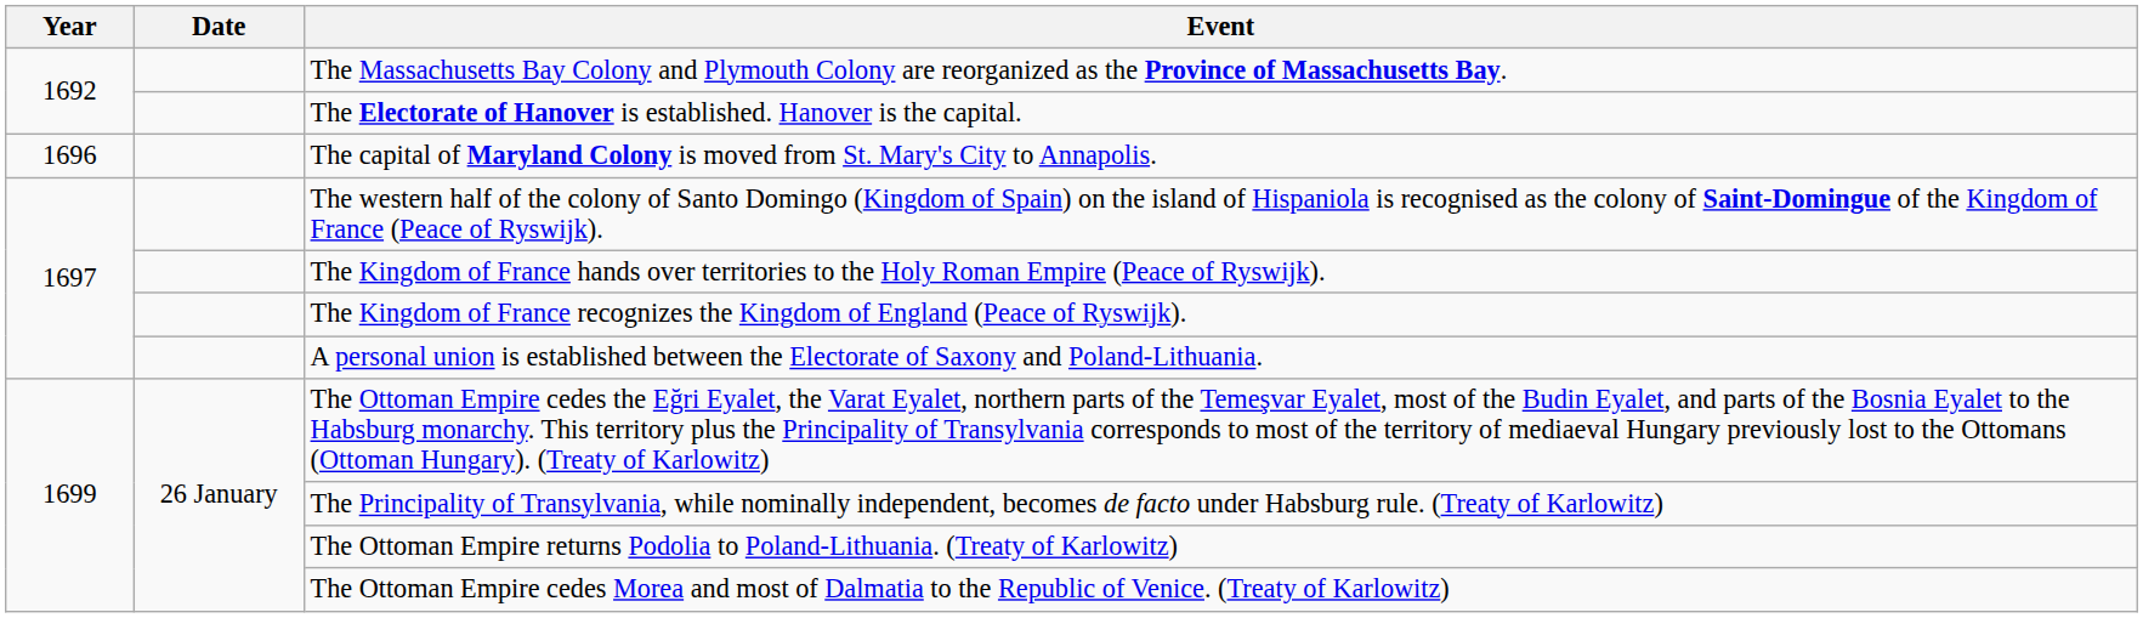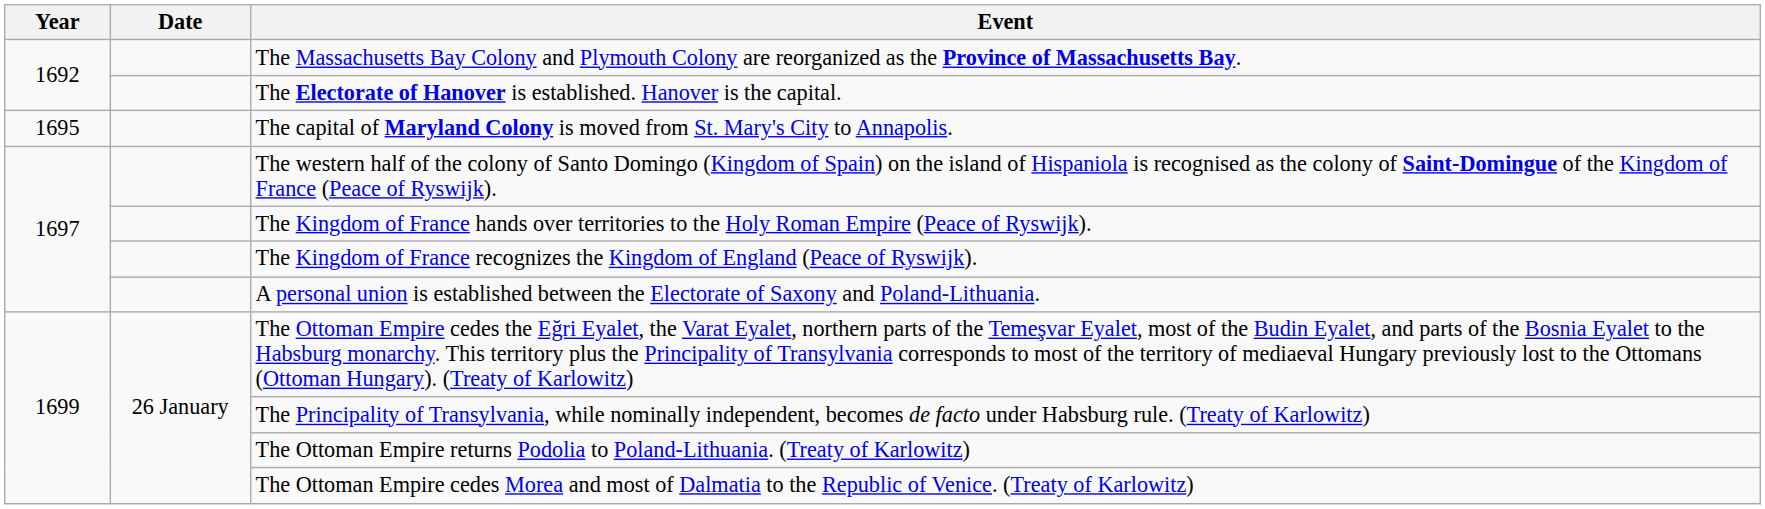 <table class=wikitable style="width:100%;">
 <tr>
 <th style="width:6%">Year</th>
 <th style="width:8%">Date</th>
 <th style="width:86%">Event</th>
 </tr>
 <tr>
 <td rowspan=2 align=center>1692</td>
 <td></td>
 <td>The <a href='#'>Massachusetts Bay Colony</a> and <a href='#'>Plymouth Colony</a> are reorganized as the <strong><a href='#'>Province of Massachusetts Bay</a></strong>.</td>
 </tr>
 <tr>
 <td></td>
 <td>The <strong><a href='#'>Electorate of Hanover</a></strong> is established. <a href='#'>Hanover</a> is the capital.</td>
 </tr>
 <tr>
-<td align=center>1696</td>
+<td align=center>1695</td>
 <td></td>
 <td>The capital of <strong><a href='#'>Maryland Colony</a></strong> is moved from <a href='#'>St. Mary's City</a> to <a href='#'>Annapolis</a>.</td>
 </tr>
 <tr>
 <td rowspan=4 align=center>1697</td>
 <td></td>
 <td>The western half of the colony of Santo Domingo (<a href='#'>Kingdom of Spain</a>) on the island of <a href='#'>Hispaniola</a> is recognised as the colony of <strong><a href='#'>Saint-Domingue</a></strong> of the <a href='#'>Kingdom of France</a> (<a href='#'>Peace of Ryswijk</a>).</td>
 </tr>
 <tr>
 <td></td>
 <td>The <a href='#'>Kingdom of France</a> hands over territories to the <a href='#'>Holy Roman Empire</a> (<a href='#'>Peace of Ryswijk</a>).</td>
 </tr>
 <tr>
 <td></td>
 <td>The <a href='#'>Kingdom of France</a> recognizes the <a href='#'>Kingdom of England</a> (<a href='#'>Peace of Ryswijk</a>).</td>
 </tr>
 <tr>
 <td></td>
 <td>A <a href='#'>personal union</a> is established between the <a href='#'>Electorate of Saxony</a> and <a href='#'>Poland-Lithuania</a>.</td>
 </tr>
 <tr>
 <td rowspan=4 align=center>1699</td>
 <td rowspan=4 align=center>26 January</td>
 <td>The <a href='#'>Ottoman Empire</a> cedes the <a href='#'>Eğri Eyalet</a>, the <a href='#'>Varat Eyalet</a>, northern parts of the <a href='#'>Temeşvar Eyalet</a>, most of the <a href='#'>Budin Eyalet</a>, and parts of the <a href='#'>Bosnia Eyalet</a> to the <a href='#'>Habsburg monarchy</a>. This territory plus the <a href='#'>Principality of Transylvania</a> corresponds to most of the territory of mediaeval Hungary previously lost to the Ottomans (<a href='#'>Ottoman Hungary</a>). (<a href='#'>Treaty of Karlowitz</a>)</td>
 </tr>
 <tr>
 <td>The <a href='#'>Principality of Transylvania</a>, while nominally independent, becomes <em>de facto</em> under Habsburg rule. (<a href='#'>Treaty of Karlowitz</a>)</td>
 </tr>
 <tr>
 <td>The Ottoman Empire returns <a href='#'>Podolia</a> to <a href='#'>Poland-Lithuania</a>. (<a href='#'>Treaty of Karlowitz</a>)</td>
 </tr>
 <tr>
 <td>The Ottoman Empire cedes <a href='#'>Morea</a> and most of <a href='#'>Dalmatia</a> to the <a href='#'>Republic of Venice</a>. (<a href='#'>Treaty of Karlowitz</a>)</td>
 </tr>
 </table>
